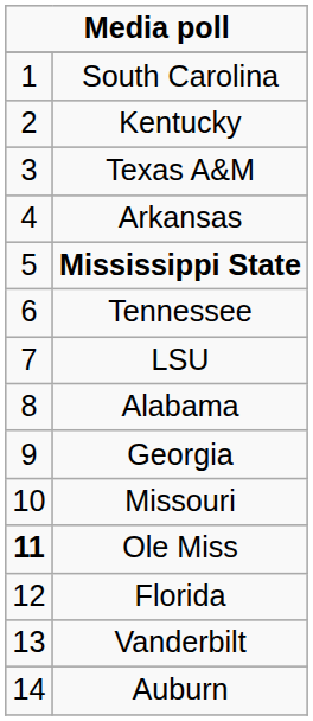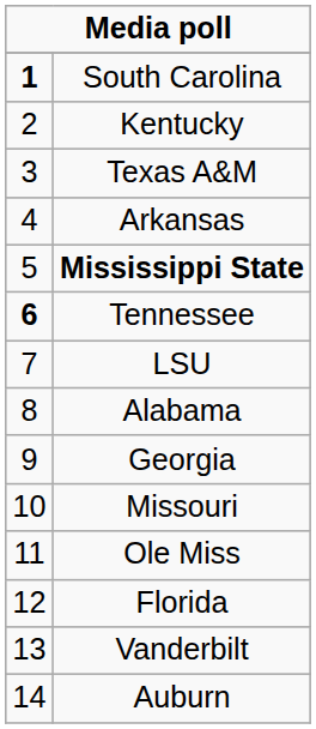 <table class="wikitable">
 <tr align="center">
 <td align="center" Colspan="2"><strong>Media poll</strong></td>
 </tr>
 <tr align="center">
 </tr>
 <tr align="center">
-<td>1</td>
+<td><strong>1</strong></td>
 <td>South Carolina</td>
 </tr>
 <tr align="center">
 <td>2</td>
 <td>Kentucky</td>
 </tr>
 <tr align="center">
 <td>3</td>
 <td>Texas A&M</td>
 </tr>
 <tr align="center">
 <td>4</td>
 <td>Arkansas</td>
 </tr>
 <tr align="center">
 <td>5</td>
 <td><strong>Mississippi State</strong></td>
 </tr>
 <tr align="center">
-<td>6</td>
+<td><strong>6</strong></td>
 <td>Tennessee</td>
 </tr>
 <tr align="center">
 <td>7</td>
 <td>LSU</td>
 </tr>
 <tr align="center">
 <td>8</td>
 <td>Alabama</td>
 </tr>
 <tr align="center">
 <td>9</td>
 <td>Georgia</td>
 </tr>
 <tr align="center">
 <td>10</td>
 <td>Missouri</td>
 </tr>
 <tr align="center">
-<td><strong>11</strong></td>
+<td>11</td>
 <td>Ole Miss</td>
 </tr>
 <tr align="center">
 <td>12</td>
 <td>Florida</td>
 </tr>
 <tr align="center">
 <td>13</td>
 <td>Vanderbilt</td>
 </tr>
 <tr align="center">
 <td>14</td>
 <td>Auburn</td>
 </tr>
 </table>
